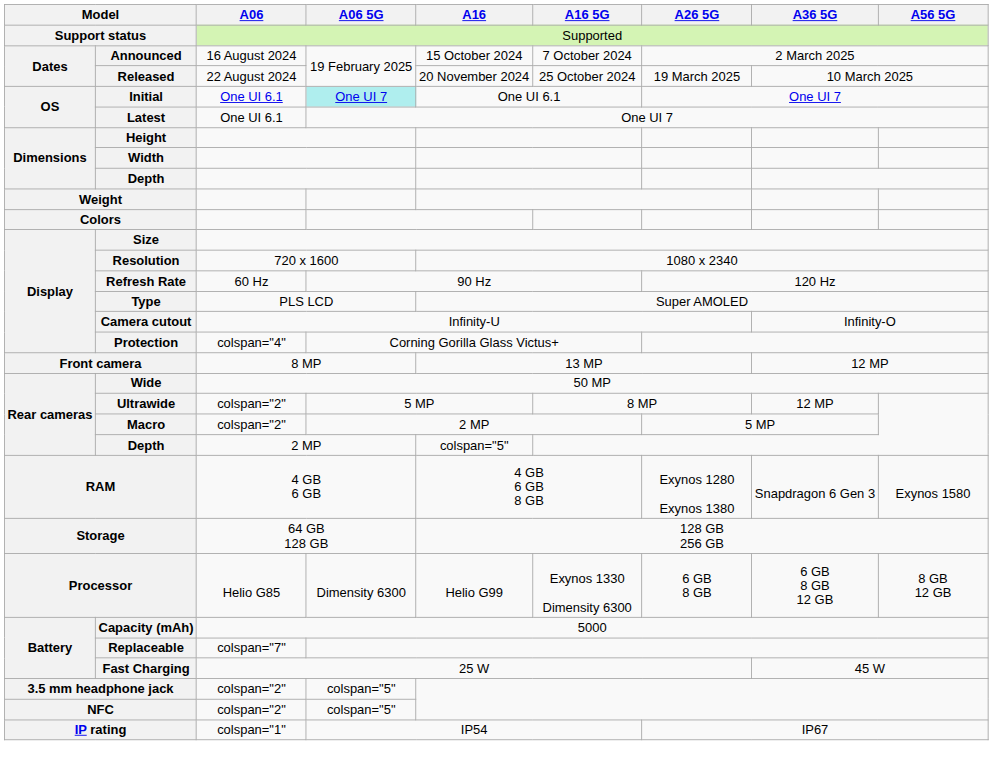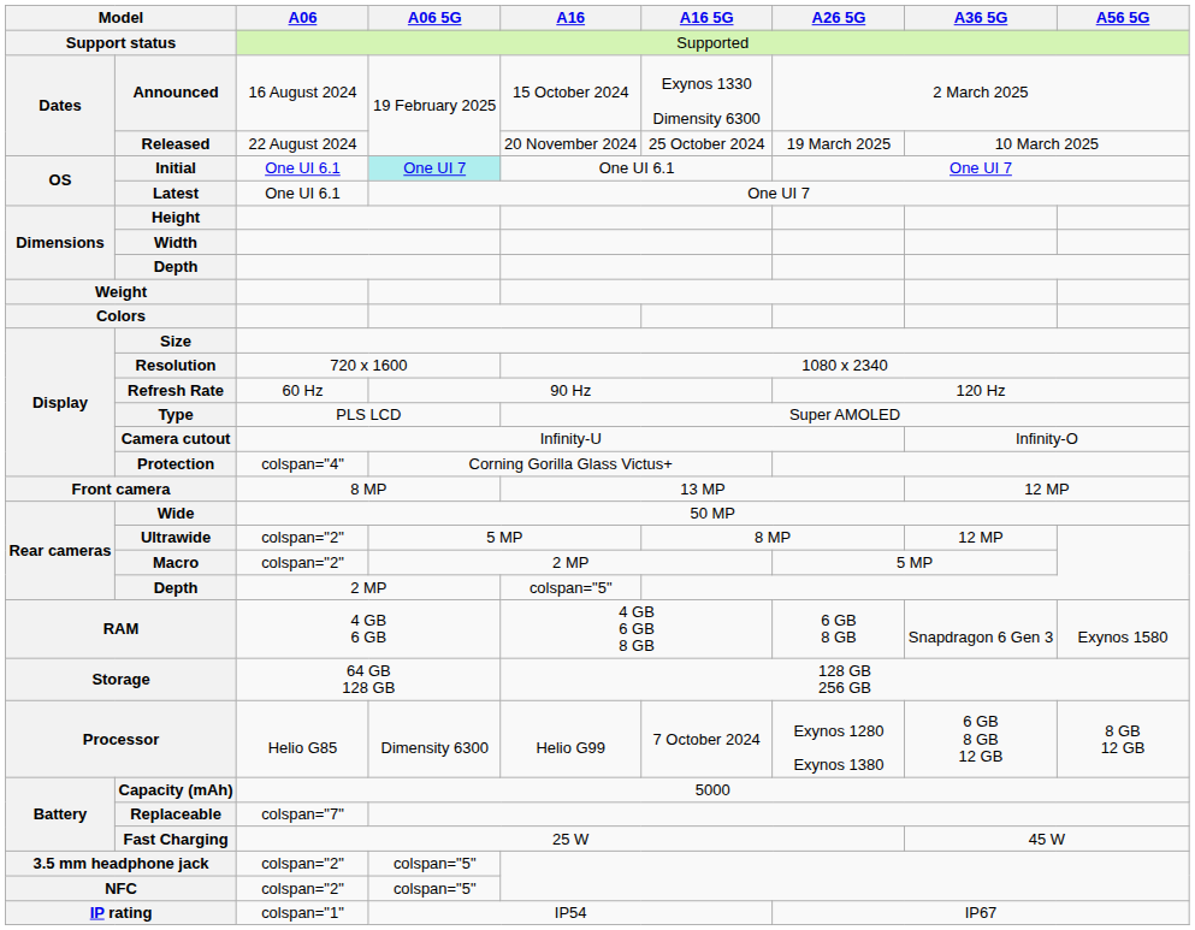 <table class="wikitable" style="text-align:center; font-size:90%;">
 <tr>
 <th colspan="2">Model</th>
 <th style="min-width: 8em"><a href='#'>A06</a></th>
 <th style="min-width: 8em"><a href='#'>A06 5G</a></th>
 <th style="min-width: 8em"><a href='#'>A16</a></th>
 <th style="min-width: 8em"><a href='#'>A16 5G</a></th>
 <th style="min-width: 8em"><a href='#'>A26 5G</a></th>
 <th style="min-width: 8em"><a href='#'>A36 5G</a></th>
 <th style="min-width: 8em"><a href='#'>A56 5G</a></th>
 </tr>
 <tr>
 <th colspan="2">Support status</th>
 <td colspan="7" style="background:#d4f4b4">Supported</td>
 </tr>
 <tr>
 <th rowspan="2">Dates</th>
 <th>Announced</th>
 <td>16 August 2024</td>
 <td rowspan="2">19 February 2025</td>
 <td>15 October 2024</td>
-<td>7 October 2024</td>
+<td><br>Exynos 1330<br><br>Dimensity 6300</td>
 <td colspan="3">2 March 2025</td>
 </tr>
 <tr>
 <th>Released</th>
 <td>22 August 2024</td>
 <td>20 November 2024</td>
 <td>25 October 2024</td>
 <td>19 March 2025</td>
 <td colspan="2">10 March 2025</td>
 </tr>
 <tr>
 <th rowspan="2">OS</th>
 <th>Initial</th>
 <td><a href='#'>One UI 6.1</a><br></td>
 <td style="background: paleturquoise;"><a href='#'>One UI 7</a><br></td>
 <td colspan="2">One UI 6.1<br></td>
 <td colspan="3"><a href='#'>One UI 7</a><br></td>
 </tr>
 <tr>
 <th>Latest</th>
 <td>One UI 6.1<br></td>
 <td colspan="6">One UI 7<br></td>
 </tr>
 <tr>
 <th rowspan="3">Dimensions<br></th>
 <th>Height</th>
 <td colspan="2"></td>
 <td colspan="2"></td>
 <td></td>
 <td></td>
 <td></td>
 </tr>
 <tr>
 <th>Width</th>
 <td colspan="2"></td>
 <td colspan="2"></td>
 <td></td>
 <td></td>
 <td></td>
 </tr>
 <tr>
 <th>Depth</th>
 <td colspan="2"></td>
 <td colspan="2"></td>
 <td></td>
 <td colspan="2"></td>
 </tr>
 <tr>
 <th colspan="2">Weight<br></th>
 <td></td>
 <td></td>
 <td colspan="3"></td>
 <td></td>
 <td></td>
 </tr>
 <tr>
 <th colspan="2">Colors</th>
 <td>  </td>
 <td colspan="2">  </td>
 <td>  </td>
 <td>   </td>
 <td>   </td>
 <td>   </td>
 </tr>
 <tr>
 <th rowspan="6">Display</th>
 <th>Size</th>
 <td colspan="7"></td>
 </tr>
 <tr>
 <th>Resolution</th>
 <td colspan="2">720 x 1600</td>
 <td colspan="5">1080 x 2340</td>
 </tr>
 <tr>
 <th>Refresh Rate</th>
 <td colspan="1">60 Hz</td>
 <td colspan="3">90 Hz</td>
 <td colspan="3">120 Hz</td>
 </tr>
 <tr>
 <th>Type</th>
 <td colspan="2">PLS LCD</td>
 <td colspan="5">Super AMOLED</td>
 </tr>
 <tr>
 <th>Camera cutout</th>
 <td colspan="5">Infinity-U</td>
 <td colspan="2">Infinity-O</td>
 </tr>
 <tr>
 <th>Protection</th>
 <td>colspan="4" </td>
 <td colspan="3">Corning Gorilla Glass Victus+</td>
 </tr>
 <tr>
 <th colspan="2">Front camera</th>
 <td colspan="2">8 MP</td>
 <td colspan="3">13 MP</td>
 <td colspan="2">12 MP</td>
 </tr>
 <tr>
 <th rowspan="4">Rear cameras</th>
 <th>Wide</th>
 <td colspan="7">50 MP</td>
 </tr>
 <tr>
 <th>Ultrawide</th>
 <td>colspan="2" </td>
 <td colspan="2">5 MP</td>
 <td colspan="2">8 MP</td>
 <td>12 MP</td>
 </tr>
 <tr>
 <th>Macro</th>
 <td>colspan="2" </td>
 <td colspan="3">2 MP</td>
 <td colspan="2">5 MP</td>
 </tr>
 <tr>
 <th>Depth</th>
 <td colspan="2">2 MP</td>
 <td>colspan="5" </td>
 </tr>
 <tr>
 <th colspan="2">RAM</th>
 <td colspan="2">4 GB<br>6 GB</td>
 <td colspan="2">4 GB<br>6 GB<br>8 GB</td>
-<td><br>Exynos 1280<br><br>Exynos 1380</td>
+<td>6 GB<br>8 GB</td>
 <td><br>Snapdragon 6 Gen 3</td>
 <td><br>Exynos 1580</td>
 </tr>
 <tr>
 <th colspan="2">Storage</th>
 <td colspan="2">64 GB<br>128 GB</td>
 <td colspan="5">128 GB<br>256 GB</td>
 </tr>
 <tr>
 <th colspan="2">Processor</th>
 <td><br>Helio G85</td>
 <td><br>Dimensity 6300</td>
 <td><br>Helio G99</td>
-<td><br>Exynos 1330<br><br>Dimensity 6300</td>
-<td>6 GB<br>8 GB</td>
+<td>7 October 2024</td>
+<td><br>Exynos 1280<br><br>Exynos 1380</td>
 <td>6 GB<br>8 GB<br>12 GB</td>
 <td>8 GB<br>12 GB</td>
 </tr>
 <tr>
 <th rowspan="3">Battery</th>
 <th>Capacity (mAh)</th>
 <td colspan="7">5000</td>
 </tr>
 <tr>
 <th>Replaceable</th>
 <td>colspan="7" </td>
 </tr>
 <tr>
 <th>Fast Charging</th>
 <td colspan="5">25 W</td>
 <td colspan="2">45 W</td>
 </tr>
 <tr>
 <th colspan="2">3.5 mm headphone jack</th>
 <td>colspan="2" </td>
 <td>colspan="5" </td>
 </tr>
 <tr>
 <th colspan="2">NFC</th>
 <td>colspan="2" </td>
 <td>colspan="5" </td>
 </tr>
 <tr>
 <th colspan="2"><a href='#'>IP</a> rating</th>
 <td>colspan="1" </td>
 <td colspan="3">IP54</td>
 <td colspan="3">IP67</td>
 </tr>
 </table>
